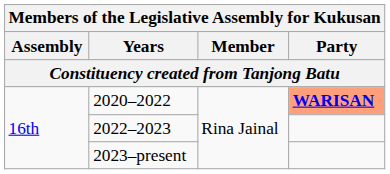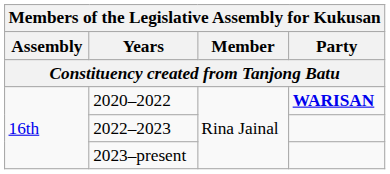 <table class=wikitable>
 <tr>
 <th colspan=4>Members of the Legislative Assembly for Kukusan</th>
 </tr>
 <tr>
 <th>Assembly</th>
 <th>Years</th>
 <th>Member</th>
 <th>Party</th>
 </tr>
 <tr>
 <th colspan=4 align=center><em>Constituency created from Tanjong Batu</em></th>
 </tr>
 <tr>
 <td rowspan="3"><a href='#'>16th</a></td>
 <td>2020–2022</td>
 <td rowspan="3">Rina Jainal</td>
-<td style="background: lightsalmon;"><strong><a href='#'>WARISAN</a></strong></td>
+<td><strong><a href='#'>WARISAN</a></strong></td>
 </tr>
 <tr>
 <td>2022–2023</td>
 <td></td>
 </tr>
 <tr>
 <td>2023–present</td>
 <td></td>
 </tr>
 </table>
